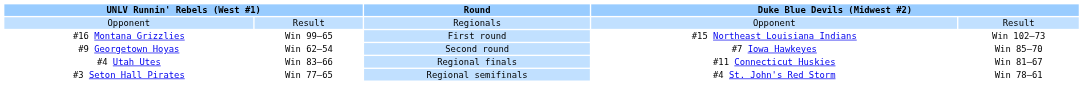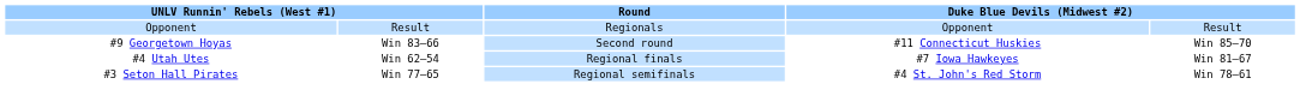 <table style="width:100%;text-align:center">
 <tr style="vertical-align:top;background:#9cf">
 <th colspan=2>UNLV Runnin' Rebels (West #1)</th>
 <th>Round</th>
 <th colspan=2>Duke Blue Devils (Midwest #2)</th>
 </tr>
 <tr style="vertical-align:top;background:#c1e0ff">
 <td>Opponent</td>
 <td>Result</td>
 <td>Regionals</td>
 <td>Opponent</td>
 <td>Result</td>
 </tr>
 <tr>
-<td>#16 <a href='#'>Montana Grizzlies</a></td>
-<td>Win 99–65</td>
-<td style="background:#c1e0ff">First round</td>
-<td>#15 <a href='#'>Northeast Louisiana Indians</a></td>
-<td>Win 102–73</td>
-</tr>
-<tr>
 <td>#9 <a href='#'>Georgetown Hoyas</a></td>
-<td>Win 62–54</td>
+<td>Win 83–66</td>
 <td style="background:#c1e0ff">Second round</td>
-<td>#7 <a href='#'>Iowa Hawkeyes</a></td>
+<td>#11 <a href='#'>Connecticut Huskies</a></td>
 <td>Win 85–70</td>
 </tr>
 <tr>
 <td>#4 <a href='#'>Utah Utes</a></td>
-<td>Win 83–66</td>
+<td>Win 62–54</td>
 <td style="background:#c1e0ff">Regional finals</td>
-<td>#11 <a href='#'>Connecticut Huskies</a></td>
+<td>#7 <a href='#'>Iowa Hawkeyes</a></td>
 <td>Win 81–67</td>
 </tr>
 <tr>
 <td>#3 <a href='#'>Seton Hall Pirates</a></td>
 <td>Win 77–65</td>
 <td style="background:#c1e0ff">Regional semifinals</td>
 <td>#4 <a href='#'>St. John's Red Storm</a></td>
 <td>Win 78–61</td>
 </tr>
 </table>
